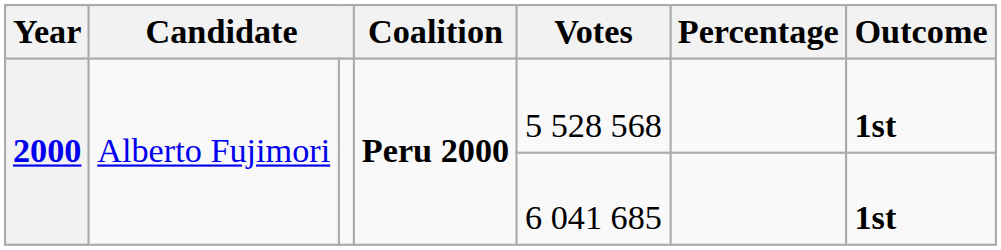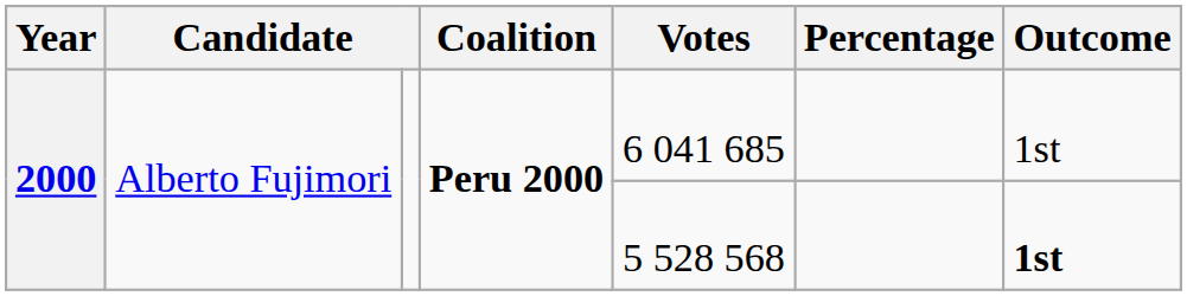 <table class="wikitable">
 <tr>
 <th>Year</th>
 <th colspan="2">Candidate</th>
 <th>Coalition</th>
 <th>Votes</th>
 <th>Percentage</th>
 <th>Outcome</th>
 </tr>
 <tr>
 <th rowspan="2"><a href='#'>2000</a></th>
 <td rowspan="2"><a href='#'>Alberto Fujimori</a></td>
 <td rowspan="2"></td>
 <td rowspan="2"><strong>Peru 2000</strong><br></td>
+<td><br>6 041 685</td>
+<td></td>
+<td><br>1st</td>
+</tr>
+<tr>
 <td><br>5 528 568</td>
 <td></td>
 <td><strong><br>1st</strong></td>
 </tr>
-<tr>
-<td><br>6 041 685</td>
-<td></td>
-<td><strong><br>1st</strong></td>
-</tr>
 </table>
